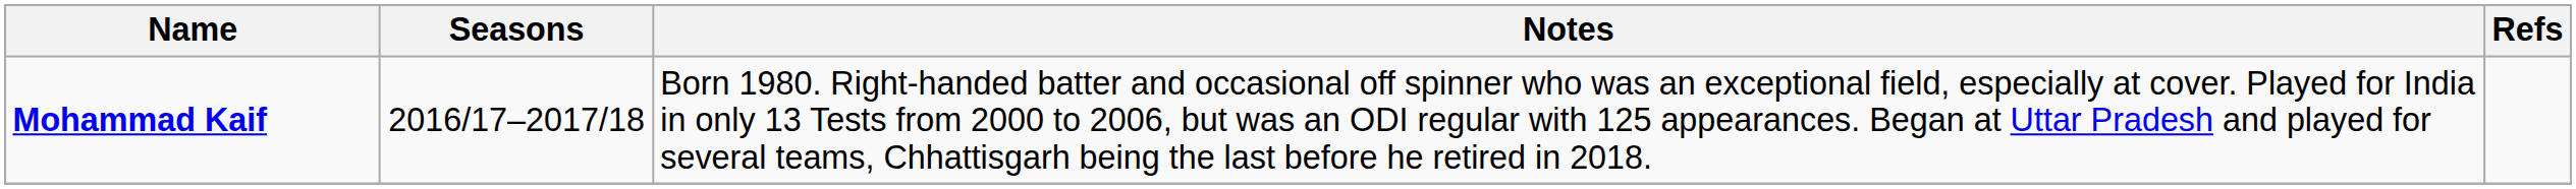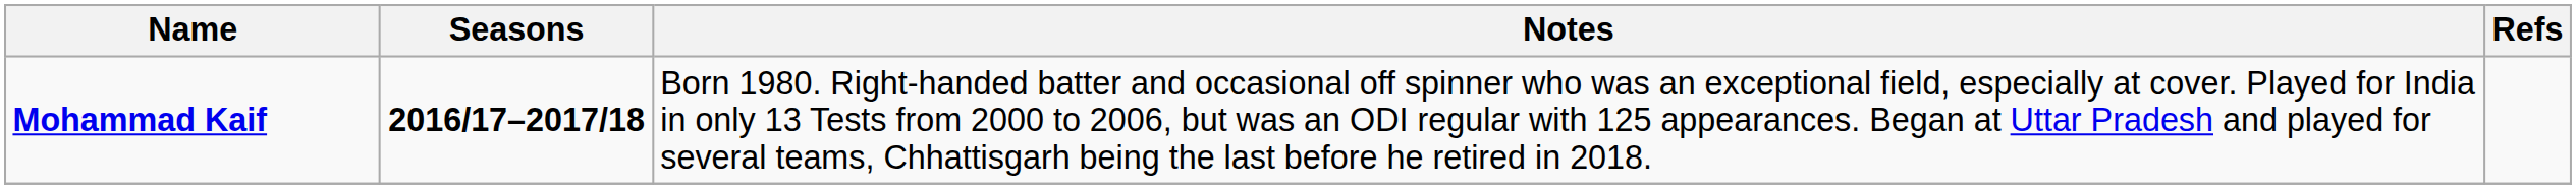 <table class="wikitable">
 <tr>
 <th style="width:175px">Name</th>
 <th style="width:125px">Seasons</th>
 <th>Notes</th>
 <th>Refs</th>
 </tr>
 <tr>
 <td><strong><a href='#'>Mohammad Kaif</a></strong></td>
-<td align="center">2016/17–2017/18</td>
+<td align="center"><strong>2016/17–2017/18</strong></td>
 <td>Born 1980. Right-handed batter and occasional off spinner who was an exceptional field, especially at cover. Played for India in only 13 Tests from 2000 to 2006, but was an ODI regular with 125 appearances. Began at <a href='#'>Uttar Pradesh</a> and played for several teams, Chhattisgarh being the last before he retired in 2018.</td>
 <td></td>
 </tr>
 <tr>
 </tr>
 </table>
